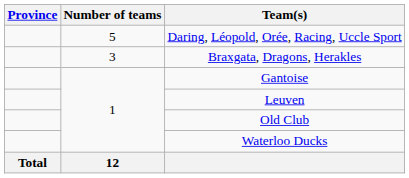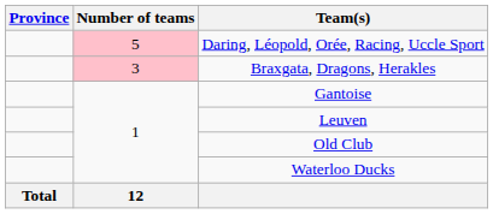 <table class="wikitable" style="text-align:center">
 <tr>
 <th><a href='#'>Province</a></th>
 <th>Number of teams</th>
 <th>Team(s)</th>
 </tr>
 <tr>
 <td align="left"></td>
-<td>5</td>
+<td style="background: pink;">5</td>
 <td><a href='#'>Daring</a>, <a href='#'>Léopold</a>, <a href='#'>Orée</a>, <a href='#'>Racing</a>, <a href='#'>Uccle Sport</a></td>
 </tr>
 <tr>
 <td align="left"></td>
-<td>3</td>
+<td style="background: pink;">3</td>
 <td><a href='#'>Braxgata</a>, <a href='#'>Dragons</a>, <a href='#'>Herakles</a></td>
 </tr>
 <tr>
 <td align="left"></td>
 <td rowspan=4>1</td>
 <td><a href='#'>Gantoise</a></td>
 </tr>
 <tr>
 <td align=left></td>
 <td><a href='#'>Leuven</a></td>
 </tr>
 <tr>
 <td align=left></td>
 <td><a href='#'>Old Club</a></td>
 </tr>
 <tr>
 <td align=left></td>
 <td><a href='#'>Waterloo Ducks</a></td>
 </tr>
 <tr>
 <th>Total</th>
 <th>12</th>
 <th></th>
 </tr>
 </table>
